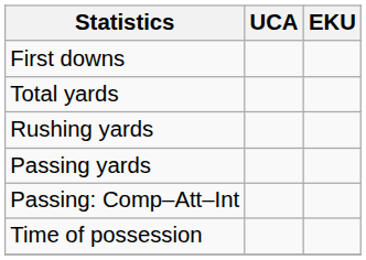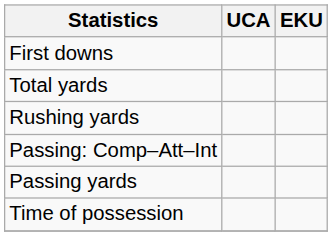 <table class="wikitable" style="float: left;">
 <tr>
 <th>Statistics</th>
 <th>UCA</th>
 <th>EKU</th>
 </tr>
 <tr>
 <td>First downs</td>
 <td></td>
 <td></td>
 </tr>
 <tr>
 <td>Total yards</td>
 <td></td>
 <td></td>
 </tr>
 <tr>
 <td>Rushing yards</td>
 <td></td>
 <td></td>
 </tr>
 <tr>
-<td>Passing yards</td>
+<td>Passing: Comp–Att–Int</td>
 <td></td>
 <td></td>
 </tr>
 <tr>
-<td>Passing: Comp–Att–Int</td>
+<td>Passing yards</td>
 <td></td>
 <td></td>
 </tr>
 <tr>
 <td>Time of possession</td>
 <td></td>
 <td></td>
 </tr>
 <tr>
 </tr>
 </table>
